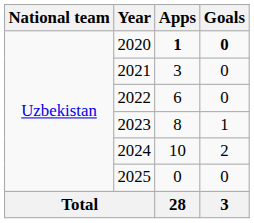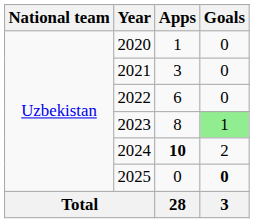 <table class="wikitable" style="text-align:center">
 <tr>
 <th>National team</th>
 <th>Year</th>
 <th>Apps</th>
 <th>Goals</th>
 </tr>
 <tr>
 <td rowspan=6><a href='#'>Uzbekistan</a></td>
 <td>2020</td>
-<td><strong>1</strong></td>
-<td><strong>0</strong></td>
+<td>1</td>
+<td>0</td>
 </tr>
 <tr>
 <td>2021</td>
 <td>3</td>
 <td>0</td>
 </tr>
 <tr>
 <td>2022</td>
 <td>6</td>
 <td>0</td>
 </tr>
 <tr>
 <td>2023</td>
 <td>8</td>
-<td>1</td>
+<td style="background: lightgreen;">1</td>
 </tr>
 <tr>
 <td>2024</td>
-<td>10</td>
+<td><strong>10</strong></td>
 <td>2</td>
 </tr>
 <tr>
 <td>2025</td>
 <td>0</td>
-<td>0</td>
+<td><strong>0</strong></td>
 </tr>
 <tr>
 <th colspan=2>Total</th>
 <th>28</th>
 <th>3</th>
 </tr>
 </table>
